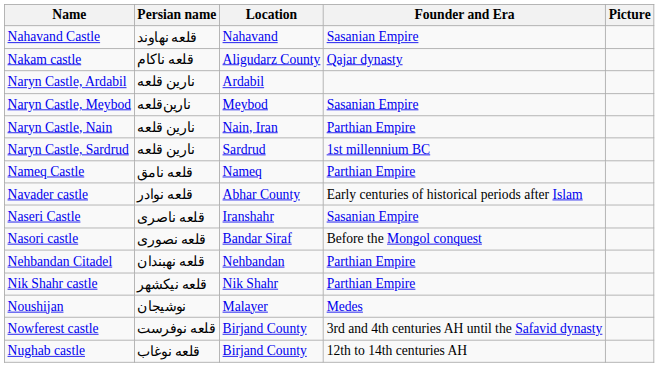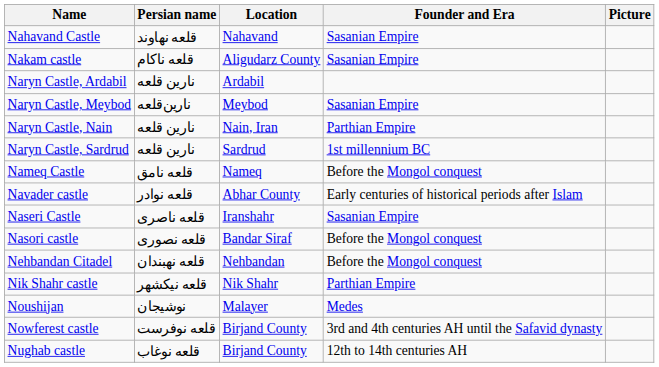 <table class="wikitable">
 <tr>
 <th>Name</th>
 <th>Persian name</th>
 <th>Location</th>
 <th>Founder and Era</th>
 <th>Picture</th>
 </tr>
 <tr>
 <td><a href='#'>Nahavand Castle</a></td>
 <td>قلعه نهاوند</td>
 <td><a href='#'>Nahavand</a></td>
 <td><a href='#'>Sasanian Empire</a></td>
 <td align="center"></td>
 </tr>
 <tr>
 <td><a href='#'>Nakam castle</a></td>
 <td>قلعه ناکام</td>
 <td><a href='#'>Aligudarz County</a></td>
-<td><a href='#'>Qajar dynasty</a></td>
+<td><a href='#'>Sasanian Empire</a></td>
 <td></td>
 </tr>
 <tr>
 <td><a href='#'>Naryn Castle, Ardabil</a></td>
 <td>نارین قلعه</td>
 <td><a href='#'>Ardabil</a></td>
 <td></td>
 <td></td>
 </tr>
 <tr>
 <td><a href='#'>Naryn Castle, Meybod</a></td>
 <td>نارین‌قلعه</td>
 <td><a href='#'>Meybod</a></td>
 <td><a href='#'>Sasanian Empire</a></td>
 <td align="center"></td>
 </tr>
 <tr>
 <td><a href='#'>Naryn Castle, Nain</a></td>
 <td>نارین قلعه</td>
 <td><a href='#'>Nain, Iran</a></td>
 <td><a href='#'>Parthian Empire</a></td>
 <td align="center"></td>
 </tr>
 <tr>
 <td><a href='#'>Naryn Castle, Sardrud</a></td>
 <td>نارین قلعه</td>
 <td><a href='#'>Sardrud</a></td>
 <td><a href='#'>1st millennium BC</a></td>
 <td></td>
 </tr>
 <tr>
 <td><a href='#'>Nameq Castle</a></td>
 <td>قلعه نامق</td>
 <td><a href='#'>Nameq</a></td>
-<td><a href='#'>Parthian Empire</a></td>
+<td>Before the <a href='#'>Mongol conquest</a></td>
 <td></td>
 </tr>
 <tr>
 <td><a href='#'>Navader castle</a></td>
 <td>قلعه نوادر</td>
 <td><a href='#'>Abhar County</a></td>
 <td>Early centuries of historical periods after <a href='#'>Islam</a></td>
 <td></td>
 </tr>
 <tr>
 <td><a href='#'>Naseri Castle</a></td>
 <td>قلعه ناصری</td>
 <td><a href='#'>Iranshahr</a></td>
 <td><a href='#'>Sasanian Empire</a></td>
 <td align="center"></td>
 </tr>
 <tr>
 <td><a href='#'>Nasori castle</a></td>
 <td>قلعه نصوری</td>
 <td><a href='#'>Bandar Siraf</a></td>
 <td>Before the <a href='#'>Mongol conquest</a></td>
 <td align="center"></td>
 </tr>
 <tr>
 <td><a href='#'>Nehbandan Citadel</a></td>
 <td>قلعه نهبندان</td>
 <td><a href='#'>Nehbandan</a></td>
-<td><a href='#'>Parthian Empire</a></td>
+<td>Before the <a href='#'>Mongol conquest</a></td>
 <td></td>
 </tr>
 <tr>
 <td><a href='#'>Nik Shahr castle</a></td>
 <td>قلعه نیکشهر</td>
 <td><a href='#'>Nik Shahr</a></td>
 <td><a href='#'>Parthian Empire</a></td>
 <td></td>
 </tr>
 <tr>
 <td><a href='#'>Noushijan</a></td>
 <td>نوشیجان</td>
 <td><a href='#'>Malayer</a></td>
 <td><a href='#'>Medes</a></td>
 <td align="center"></td>
 </tr>
 <tr>
 <td><a href='#'>Nowferest castle</a></td>
 <td>قلعه نوفرست</td>
 <td><a href='#'>Birjand County</a></td>
 <td>3rd and 4th centuries AH until the <a href='#'>Safavid dynasty</a></td>
 <td></td>
 </tr>
 <tr>
 <td><a href='#'>Nughab castle</a></td>
 <td>قلعه نوغاب</td>
 <td><a href='#'>Birjand County</a></td>
 <td>12th to 14th centuries AH</td>
 <td></td>
 </tr>
 </table>
